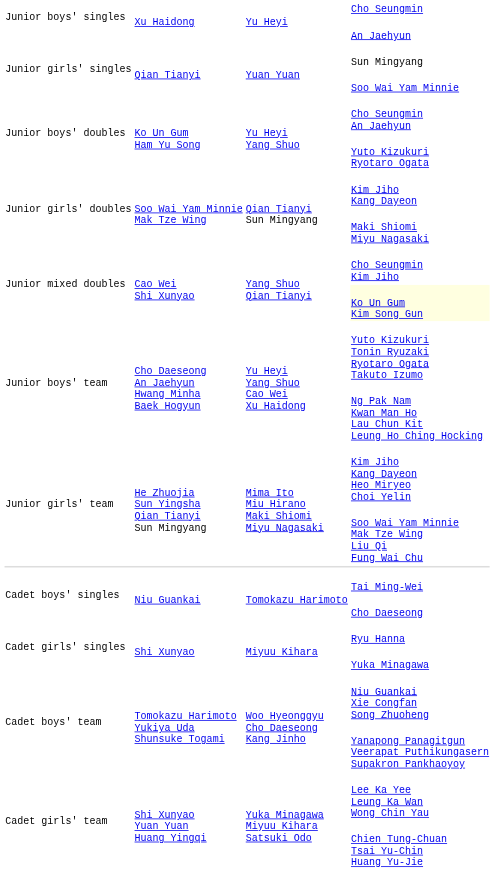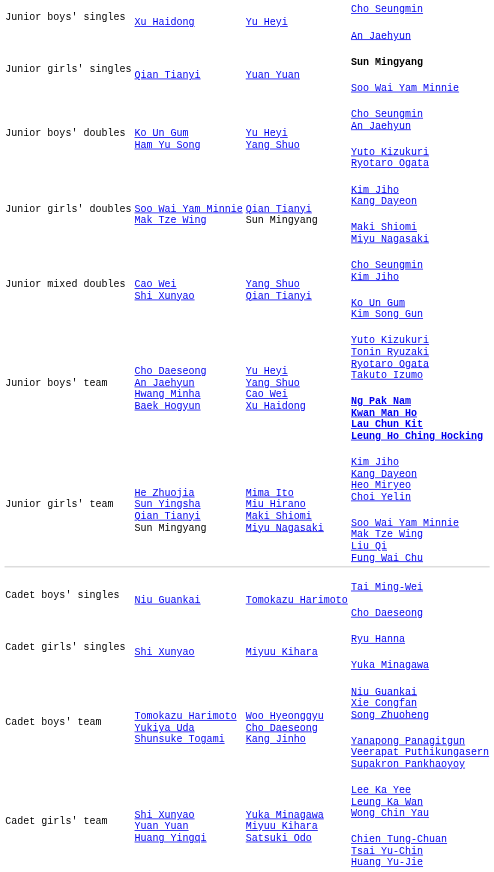 <table>
 <tr>
 <td rowspan=2>Junior boys' singles</td>
 <td rowspan=2><br><a href='#'>Xu Haidong</a></td>
 <td rowspan=2><br><a href='#'>Yu Heyi</a></td>
 <td><br><a href='#'>Cho Seungmin</a></td>
 </tr>
 <tr>
 <td><br><a href='#'>An Jaehyun</a></td>
 </tr>
 <tr>
 <td rowspan=2>Junior girls' singles</td>
 <td rowspan=2><br><a href='#'>Qian Tianyi</a></td>
 <td rowspan=2><br><a href='#'>Yuan Yuan</a></td>
-<td><br>Sun Mingyang</td>
+<td><strong><br>Sun Mingyang</strong></td>
 </tr>
 <tr>
 <td><br><a href='#'>Soo Wai Yam Minnie</a></td>
 </tr>
 <tr>
 <td rowspan=2>Junior boys' doubles</td>
 <td rowspan=2><br><a href='#'>Ko Un Gum</a><br><a href='#'>Ham Yu Song</a></td>
 <td rowspan=2><br><a href='#'>Yu Heyi</a><br><a href='#'>Yang Shuo</a></td>
 <td><br><a href='#'>Cho Seungmin</a><br><a href='#'>An Jaehyun</a></td>
 </tr>
 <tr>
 <td><br><a href='#'>Yuto Kizukuri</a><br><a href='#'>Ryotaro Ogata</a></td>
 </tr>
 <tr>
 <td rowspan=2>Junior girls' doubles</td>
 <td rowspan=2><br><a href='#'>Soo Wai Yam Minnie</a><br><a href='#'>Mak Tze Wing</a></td>
 <td rowspan=2><br><a href='#'>Qian Tianyi</a><br>Sun Mingyang</td>
 <td><br><a href='#'>Kim Jiho</a><br><a href='#'>Kang Dayeon</a></td>
 </tr>
 <tr>
 <td><br><a href='#'>Maki Shiomi</a><br><a href='#'>Miyu Nagasaki</a></td>
 </tr>
 <tr>
 <td rowspan=2>Junior mixed doubles</td>
 <td rowspan=2><br><a href='#'>Cao Wei</a><br><a href='#'>Shi Xunyao</a></td>
 <td rowspan=2><br><a href='#'>Yang Shuo</a><br><a href='#'>Qian Tianyi</a></td>
 <td><br><a href='#'>Cho Seungmin</a><br><a href='#'>Kim Jiho</a></td>
 </tr>
 <tr>
-<td style="background: lightyellow;"><br><a href='#'>Ko Un Gum</a><br><a href='#'>Kim Song Gun</a></td>
+<td><br><a href='#'>Ko Un Gum</a><br><a href='#'>Kim Song Gun</a></td>
 </tr>
 <tr>
 <td rowspan=2>Junior boys' team</td>
 <td rowspan=2><br><a href='#'>Cho Daeseong</a><br><a href='#'>An Jaehyun</a><br><a href='#'>Hwang Minha</a><br><a href='#'>Baek Hogyun</a></td>
 <td rowspan=2><br><a href='#'>Yu Heyi</a><br><a href='#'>Yang Shuo</a><br><a href='#'>Cao Wei</a><br><a href='#'>Xu Haidong</a></td>
 <td><br><a href='#'>Yuto Kizukuri</a><br><a href='#'>Tonin Ryuzaki</a><br><a href='#'>Ryotaro Ogata</a><br><a href='#'>Takuto Izumo</a></td>
 </tr>
 <tr>
-<td><br><a href='#'>Ng Pak Nam</a><br><a href='#'>Kwan Man Ho</a><br><a href='#'>Lau Chun Kit</a><br><a href='#'>Leung Ho Ching Hocking</a></td>
+<td><strong><br><a href='#'>Ng Pak Nam</a><br><a href='#'>Kwan Man Ho</a><br><a href='#'>Lau Chun Kit</a><br><a href='#'>Leung Ho Ching Hocking</a></strong></td>
 </tr>
 <tr>
 <td rowspan=2>Junior girls' team</td>
 <td rowspan=2><br><a href='#'>He Zhuojia</a><br><a href='#'>Sun Yingsha</a><br><a href='#'>Qian Tianyi</a><br>Sun Mingyang</td>
 <td rowspan=2><br><a href='#'>Mima Ito</a><br><a href='#'>Miu Hirano</a><br><a href='#'>Maki Shiomi</a><br><a href='#'>Miyu Nagasaki</a></td>
 <td><br><a href='#'>Kim Jiho</a><br><a href='#'>Kang Dayeon</a><br><a href='#'>Heo Miryeo</a><br><a href='#'>Choi Yelin</a></td>
 </tr>
 <tr>
 <td><br><a href='#'>Soo Wai Yam Minnie</a><br><a href='#'>Mak Tze Wing</a><br><a href='#'>Liu Qi</a><br><a href='#'>Fung Wai Chu</a></td>
 </tr>
 <tr style="background:#dddddd;">
 <td colspan=7></td>
 </tr>
 <tr>
 <td rowspan=2>Cadet boys' singles</td>
 <td rowspan=2><br><a href='#'>Niu Guankai</a></td>
 <td rowspan=2><br><a href='#'>Tomokazu Harimoto</a></td>
 <td><br><a href='#'>Tai Ming-Wei</a></td>
 </tr>
 <tr>
 <td><br><a href='#'>Cho Daeseong</a></td>
 </tr>
 <tr>
 <td rowspan=2>Cadet girls' singles</td>
 <td rowspan=2><br><a href='#'>Shi Xunyao</a></td>
 <td rowspan=2><br><a href='#'>Miyuu Kihara</a></td>
 <td><br><a href='#'>Ryu Hanna</a></td>
 </tr>
 <tr>
 <td><br><a href='#'>Yuka Minagawa</a></td>
 </tr>
 <tr>
 <td rowspan=2>Cadet boys' team</td>
 <td rowspan=2><br><a href='#'>Tomokazu Harimoto</a><br><a href='#'>Yukiya Uda</a><br><a href='#'>Shunsuke Togami</a></td>
 <td rowspan=2><br><a href='#'>Woo Hyeonggyu</a><br><a href='#'>Cho Daeseong</a><br><a href='#'>Kang Jinho</a></td>
 <td><br><a href='#'>Niu Guankai</a><br><a href='#'>Xie Congfan</a><br><a href='#'>Song Zhuoheng</a></td>
 </tr>
 <tr>
 <td><br><a href='#'>Yanapong Panagitgun</a><br><a href='#'>Veerapat Puthikungasern</a><br><a href='#'>Supakron Pankhaoyoy</a></td>
 </tr>
 <tr>
 <td rowspan=2>Cadet girls' team</td>
 <td rowspan=2><br><a href='#'>Shi Xunyao</a><br><a href='#'>Yuan Yuan</a><br><a href='#'>Huang Yingqi</a></td>
 <td rowspan=2><br><a href='#'>Yuka Minagawa</a><br><a href='#'>Miyuu Kihara</a><br><a href='#'>Satsuki Odo</a></td>
 <td><br><a href='#'>Lee Ka Yee</a><br><a href='#'>Leung Ka Wan</a><br><a href='#'>Wong Chin Yau</a></td>
 </tr>
 <tr>
 <td><br><a href='#'>Chien Tung-Chuan</a><br><a href='#'>Tsai Yu-Chin</a><br><a href='#'>Huang Yu-Jie</a></td>
 </tr>
 </table>
